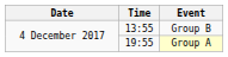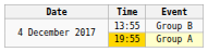 <table class = "wikitable" style="text-align:center;">
 <tr>
 <th width=150>Date</th>
 <th width=50>Time</th>
 <th width=80>Event</th>
 </tr>
 <tr>
 <td rowspan=2>4 December 2017</td>
 <td>13:55</td>
 <td>Group B</td>
 </tr>
 <tr>
-<td>19:55</td>
+<td style="background: gold;">19:55</td>
 <td bgcolor=ffffcc>Group A</td>
 </tr>
 </table>
